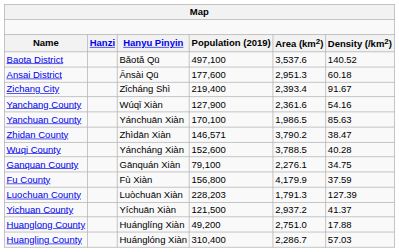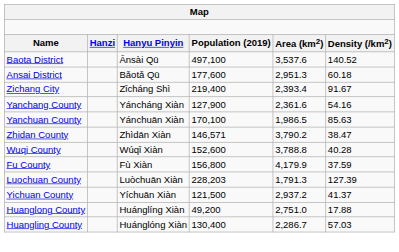 <table class="wikitable" style="font-size:90%;" align="center">
 <tr>
 <th colspan="6" align="center">Map</th>
 </tr>
 <tr>
 <td colspan="6" align="center"><div><br>                </div></td>
 </tr>
 <tr>
 <th>Name</th>
 <th><a href='#'>Hanzi</a></th>
 <th><a href='#'>Hanyu Pinyin</a></th>
 <th>Population (2019)</th>
 <th>Area (km<sup>2</sup>)</th>
 <th>Density (/km<sup>2</sup>)</th>
 </tr>
 <tr>
 <td><a href='#'>Baota District</a></td>
 <td></td>
-<td>Bǎotǎ Qū</td>
+<td>Ānsài Qū</td>
 <td>497,100</td>
 <td>3,537.6</td>
 <td>140.52</td>
 </tr>
 <tr>
 <td><a href='#'>Ansai District</a></td>
 <td></td>
-<td>Ānsài Qū</td>
+<td>Bǎotǎ Qū</td>
 <td>177,600</td>
 <td>2,951.3</td>
 <td>60.18</td>
 </tr>
 <tr>
 <td><a href='#'>Zichang City</a></td>
 <td></td>
 <td>Zǐcháng Shì</td>
 <td>219,400</td>
 <td>2,393.4</td>
 <td>91.67</td>
 </tr>
 <tr>
 <td><a href='#'>Yanchang County</a></td>
 <td></td>
-<td>Wúqǐ Xiàn</td>
+<td>Yáncháng Xiàn</td>
 <td>127,900</td>
 <td>2,361.6</td>
 <td>54.16</td>
 </tr>
 <tr>
 <td><a href='#'>Yanchuan County</a></td>
 <td></td>
 <td>Yánchuān Xiàn</td>
 <td>170,100</td>
 <td>1,986.5</td>
 <td>85.63</td>
 </tr>
 <tr>
 <td><a href='#'>Zhidan County</a></td>
 <td></td>
 <td>Zhìdān Xiàn</td>
 <td>146,571</td>
 <td>3,790.2</td>
 <td>38.47</td>
 </tr>
 <tr>
 <td><a href='#'>Wuqi County</a></td>
 <td></td>
-<td>Yáncháng Xiàn</td>
+<td>Wúqǐ Xiàn</td>
 <td>152,600</td>
-<td>3,788.5</td>
+<td>3,788.8</td>
 <td>40.28</td>
-</tr>
-<tr>
-<td><a href='#'>Ganquan County</a></td>
-<td></td>
-<td>Gānquán Xiàn</td>
-<td>79,100</td>
-<td>2,276.1</td>
-<td>34.75</td>
 </tr>
 <tr>
 <td><a href='#'>Fu County</a></td>
 <td></td>
 <td>Fù Xiàn</td>
 <td>156,800</td>
 <td>4,179.9</td>
 <td>37.59</td>
 </tr>
 <tr>
 <td><a href='#'>Luochuan County</a></td>
 <td></td>
 <td>Luòchuān Xiàn</td>
 <td>228,203</td>
 <td>1,791.3</td>
 <td>127.39</td>
 </tr>
 <tr>
 <td><a href='#'>Yichuan County</a></td>
 <td></td>
 <td>Yíchuān Xiàn</td>
 <td>121,500</td>
 <td>2,937.2</td>
 <td>41.37</td>
 </tr>
 <tr>
 <td><a href='#'>Huanglong County</a></td>
 <td></td>
 <td>Huánglíng Xiàn</td>
 <td>49,200</td>
 <td>2,751.0</td>
 <td>17.88</td>
 </tr>
 <tr>
 <td><a href='#'>Huangling County</a></td>
 <td></td>
 <td>Huánglóng Xiàn</td>
-<td>310,400</td>
+<td>130,400</td>
 <td>2,286.7</td>
 <td>57.03</td>
 </tr>
 </table>
